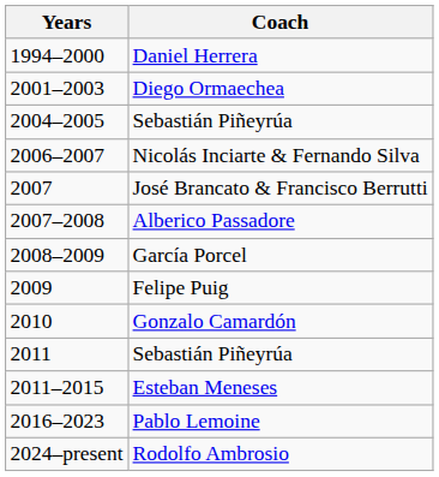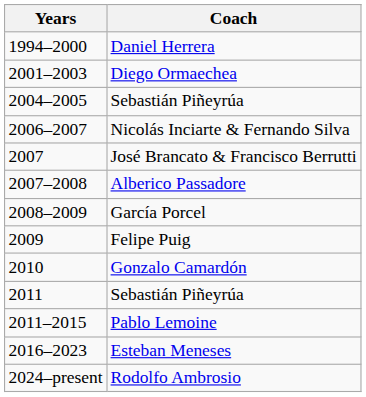 <table class=wikitable>
 <tr>
 <th>Years</th>
 <th>Coach</th>
 </tr>
 <tr>
 <td>1994–2000</td>
 <td> <a href='#'>Daniel Herrera</a></td>
 </tr>
 <tr>
 <td>2001–2003</td>
 <td> <a href='#'>Diego Ormaechea</a></td>
 </tr>
 <tr>
 <td>2004–2005</td>
 <td> Sebastián Piñeyrúa</td>
 </tr>
 <tr>
 <td>2006–2007</td>
 <td> Nicolás Inciarte &  Fernando Silva</td>
 </tr>
 <tr>
 <td>2007</td>
 <td> José Brancato &  Francisco Berrutti</td>
 </tr>
 <tr>
 <td>2007–2008</td>
 <td> <a href='#'>Alberico Passadore</a></td>
 </tr>
 <tr>
 <td>2008–2009</td>
 <td> García Porcel</td>
 </tr>
 <tr>
 <td>2009</td>
 <td> Felipe Puig</td>
 </tr>
 <tr>
 <td>2010</td>
 <td> <a href='#'>Gonzalo Camardón</a></td>
 </tr>
 <tr>
 <td>2011</td>
 <td> Sebastián Piñeyrúa</td>
 </tr>
 <tr>
 <td>2011–2015</td>
-<td> <a href='#'>Esteban Meneses</a></td>
+<td> <a href='#'>Pablo Lemoine</a></td>
 </tr>
 <tr>
 <td>2016–2023</td>
-<td> <a href='#'>Pablo Lemoine</a></td>
+<td> <a href='#'>Esteban Meneses</a></td>
 </tr>
 <tr>
 <td>2024–present</td>
 <td> <a href='#'>Rodolfo Ambrosio</a></td>
 </tr>
 </table>
